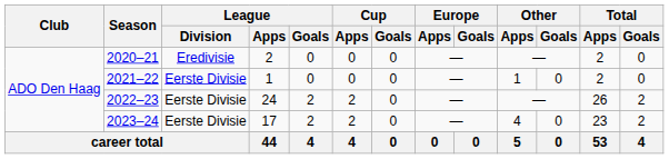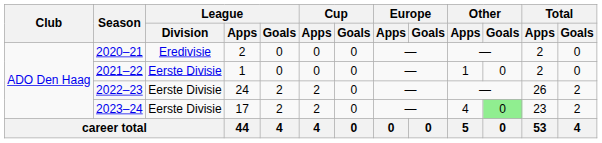 <table class="wikitable" style="text-align:center">
 <tr>
 <th rowspan="2">Club</th>
 <th rowspan="2">Season</th>
 <th colspan="3">League</th>
 <th colspan="2">Cup</th>
 <th colspan="2">Europe</th>
 <th colspan="2">Other</th>
 <th colspan="2">Total</th>
 </tr>
 <tr>
 <th>Division</th>
 <th>Apps</th>
 <th>Goals</th>
 <th>Apps</th>
 <th>Goals</th>
 <th>Apps</th>
 <th>Goals</th>
 <th>Apps</th>
 <th>Goals</th>
 <th>Apps</th>
 <th>Goals</th>
 </tr>
 <tr>
 <td rowspan="4"><a href='#'>ADO Den Haag</a></td>
 <td><a href='#'>2020–21</a></td>
 <td><a href='#'>Eredivisie</a></td>
 <td>2</td>
 <td>0</td>
 <td>0</td>
 <td>0</td>
 <td colspan="2">—</td>
 <td colspan="2">—</td>
 <td>2</td>
 <td>0</td>
 </tr>
 <tr>
 <td><a href='#'>2021–22</a></td>
 <td><a href='#'>Eerste Divisie</a></td>
 <td>1</td>
 <td>0</td>
 <td>0</td>
 <td>0</td>
 <td colspan="2">—</td>
 <td>1</td>
 <td>0</td>
 <td>2</td>
 <td>0</td>
 </tr>
 <tr>
 <td><a href='#'>2022–23</a></td>
 <td>Eerste Divisie</td>
 <td>24</td>
 <td>2</td>
 <td>2</td>
 <td>0</td>
 <td colspan="2">—</td>
 <td colspan="2">—</td>
 <td>26</td>
 <td>2</td>
 </tr>
 <tr>
 <td><a href='#'>2023–24</a></td>
 <td>Eerste Divisie</td>
 <td>17</td>
 <td>2</td>
 <td>2</td>
 <td>0</td>
 <td colspan="2">—</td>
 <td>4</td>
-<td>0</td>
+<td style="background: lightgreen;">0</td>
 <td>23</td>
 <td>2</td>
 </tr>
 <tr>
 <th colspan="3">career total</th>
 <th>44</th>
 <th>4</th>
 <th>4</th>
 <th>0</th>
 <th>0</th>
 <th>0</th>
 <th>5</th>
 <th>0</th>
 <th>53</th>
 <th>4</th>
 </tr>
 </table>
